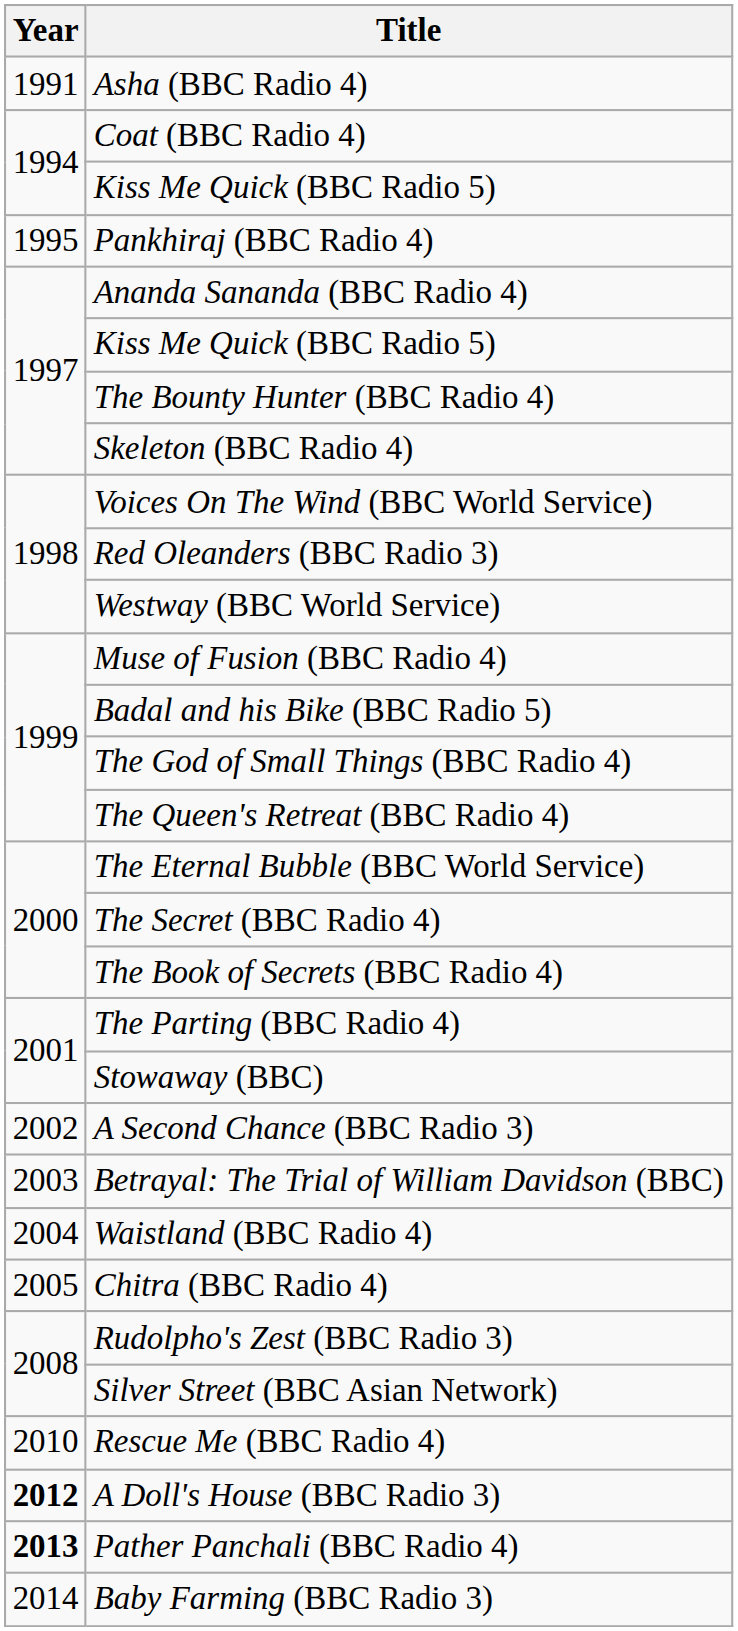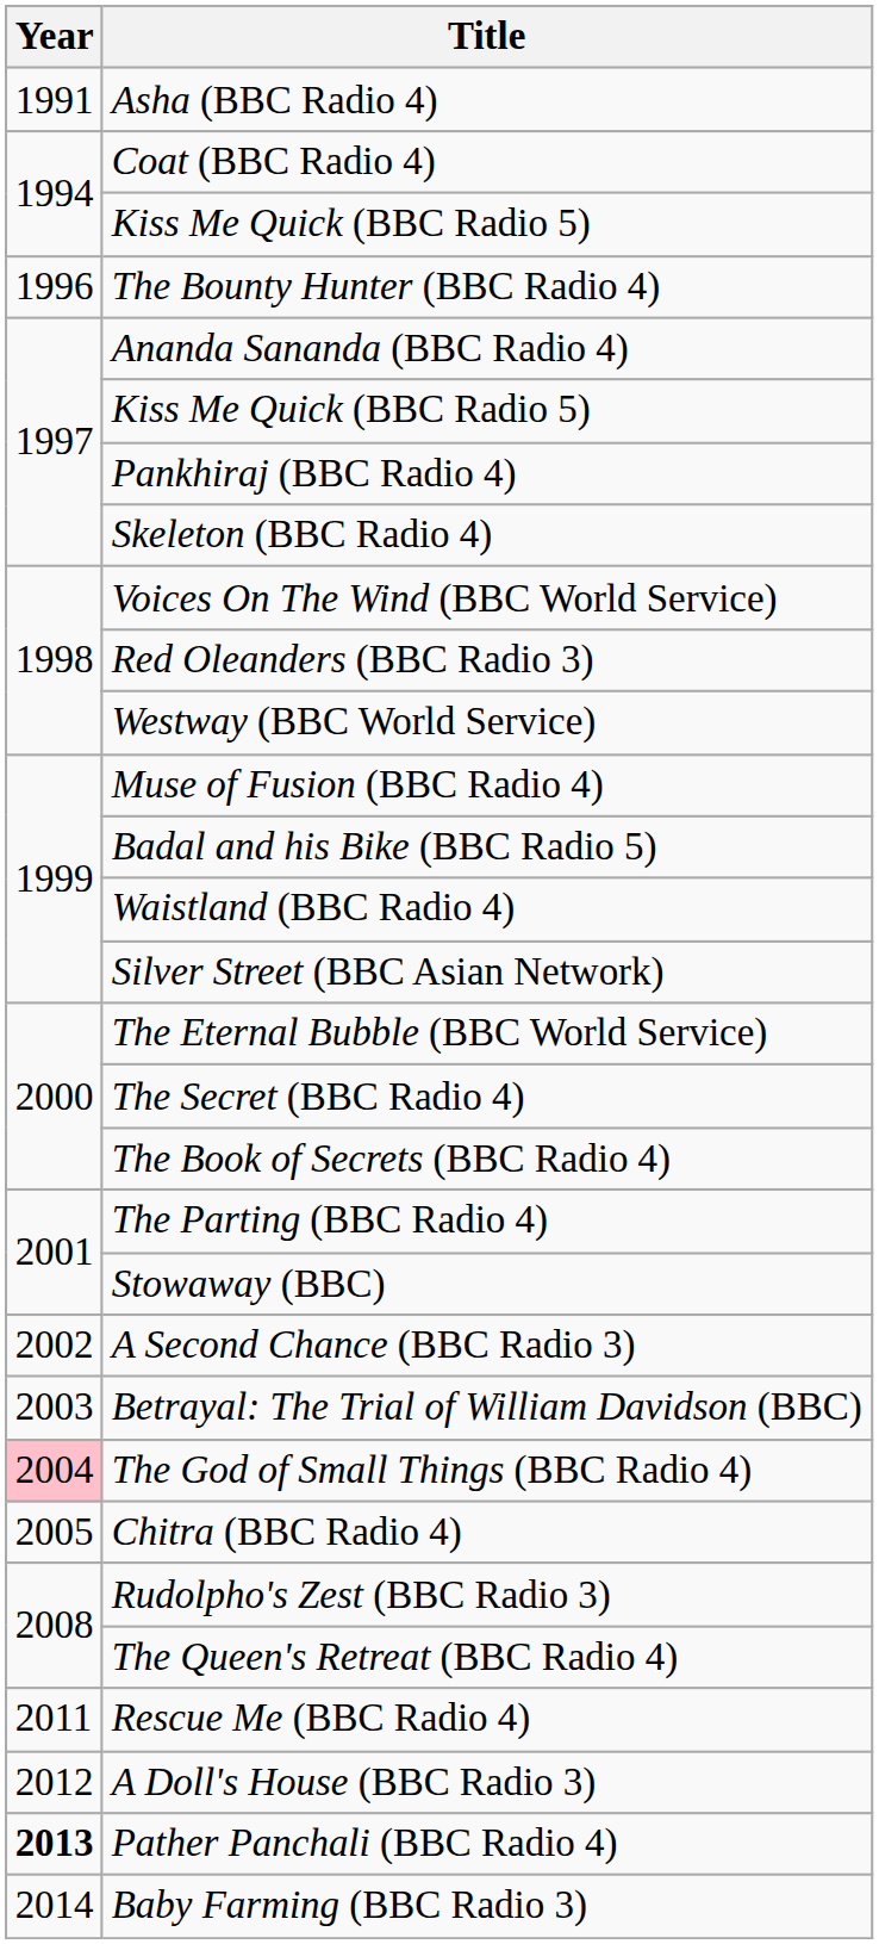 <table class="wikitable sortable">
 <tr>
 <th>Year</th>
 <th>Title</th>
 </tr>
 <tr>
 <td rowspan="1">1991</td>
 <td><em>Asha</em> (BBC Radio 4)</td>
 </tr>
 <tr>
 <td rowspan="2">1994</td>
 <td><em>Coat</em> (BBC Radio 4)</td>
 </tr>
 <tr>
 <td><em>Kiss Me Quick</em> (BBC Radio 5)</td>
 </tr>
 <tr>
-<td rowspan="1">1995</td>
-<td><em>Pankhiraj</em> (BBC Radio 4)</td>
+<td rowspan="1">1996</td>
+<td><em>The Bounty Hunter</em> (BBC Radio 4)</td>
 </tr>
 <tr>
 <td rowspan="4">1997</td>
 <td><em>Ananda Sananda</em> (BBC Radio 4)</td>
 </tr>
 <tr>
 <td><em>Kiss Me Quick</em> (BBC Radio 5)</td>
 </tr>
 <tr>
-<td><em>The Bounty Hunter</em> (BBC Radio 4)</td>
+<td><em>Pankhiraj</em> (BBC Radio 4)</td>
 </tr>
 <tr>
 <td><em>Skeleton</em> (BBC Radio 4)</td>
 </tr>
 <tr>
 <td rowspan="3">1998</td>
 <td><em>Voices On The Wind</em> (BBC World Service)</td>
 </tr>
 <tr>
 <td><em>Red Oleanders</em> (BBC Radio 3)</td>
 </tr>
 <tr>
 <td><em>Westway</em> (BBC World Service)</td>
 </tr>
 <tr>
 <td rowspan="4">1999</td>
 <td><em>Muse of Fusion</em> (BBC Radio 4)</td>
 </tr>
 <tr>
 <td><em>Badal and his Bike</em> (BBC Radio 5)</td>
 </tr>
 <tr>
-<td><em>The God of Small Things</em> (BBC Radio 4)</td>
+<td><em>Waistland</em> (BBC Radio 4)</td>
 </tr>
 <tr>
-<td><em>The Queen's Retreat</em> (BBC Radio 4)</td>
+<td><em>Silver Street</em> (BBC Asian Network)</td>
 </tr>
 <tr>
 <td rowspan="3">2000</td>
 <td><em>The Eternal Bubble</em> (BBC World Service)</td>
 </tr>
 <tr>
 <td><em>The Secret</em> (BBC Radio 4)</td>
 </tr>
 <tr>
 <td><em>The Book of Secrets</em> (BBC Radio 4)</td>
 </tr>
 <tr>
 <td rowspan="2">2001</td>
 <td><em>The Parting</em> (BBC Radio 4)</td>
 </tr>
 <tr>
 <td><em>Stowaway</em> (BBC)</td>
 </tr>
 <tr>
 <td rowspan="1">2002</td>
 <td><em>A Second Chance</em> (BBC Radio 3)</td>
 </tr>
 <tr>
 <td rowspan="1">2003</td>
 <td><em>Betrayal: The Trial of William Davidson</em> (BBC)</td>
 </tr>
 <tr>
-<td rowspan="1">2004</td>
-<td><em>Waistland</em> (BBC Radio 4)</td>
+<td rowspan="1" style="background: pink;">2004</td>
+<td><em>The God of Small Things</em> (BBC Radio 4)</td>
 </tr>
 <tr>
 <td rowspan="1">2005</td>
 <td><em>Chitra</em> (BBC Radio 4)</td>
 </tr>
 <tr>
 <td rowspan="2">2008</td>
 <td><em>Rudolpho's Zest</em> (BBC Radio 3)</td>
 </tr>
 <tr>
-<td><em>Silver Street</em> (BBC Asian Network)</td>
+<td><em>The Queen's Retreat</em> (BBC Radio 4)</td>
 </tr>
 <tr>
-<td rowspan="1">2010</td>
+<td rowspan="1">2011</td>
 <td><em>Rescue Me</em> (BBC Radio 4)</td>
 </tr>
 <tr>
-<td rowspan="1"><strong>2012</strong></td>
+<td rowspan="1">2012</td>
 <td><em>A Doll's House</em> (BBC Radio 3)</td>
 </tr>
 <tr>
 <td rowspan="1"><strong>2013</strong></td>
 <td><em>Pather Panchali</em> (BBC Radio 4)</td>
 </tr>
 <tr>
 <td rowspan="1">2014</td>
 <td><em>Baby Farming</em> (BBC Radio 3)</td>
 </tr>
 </table>
